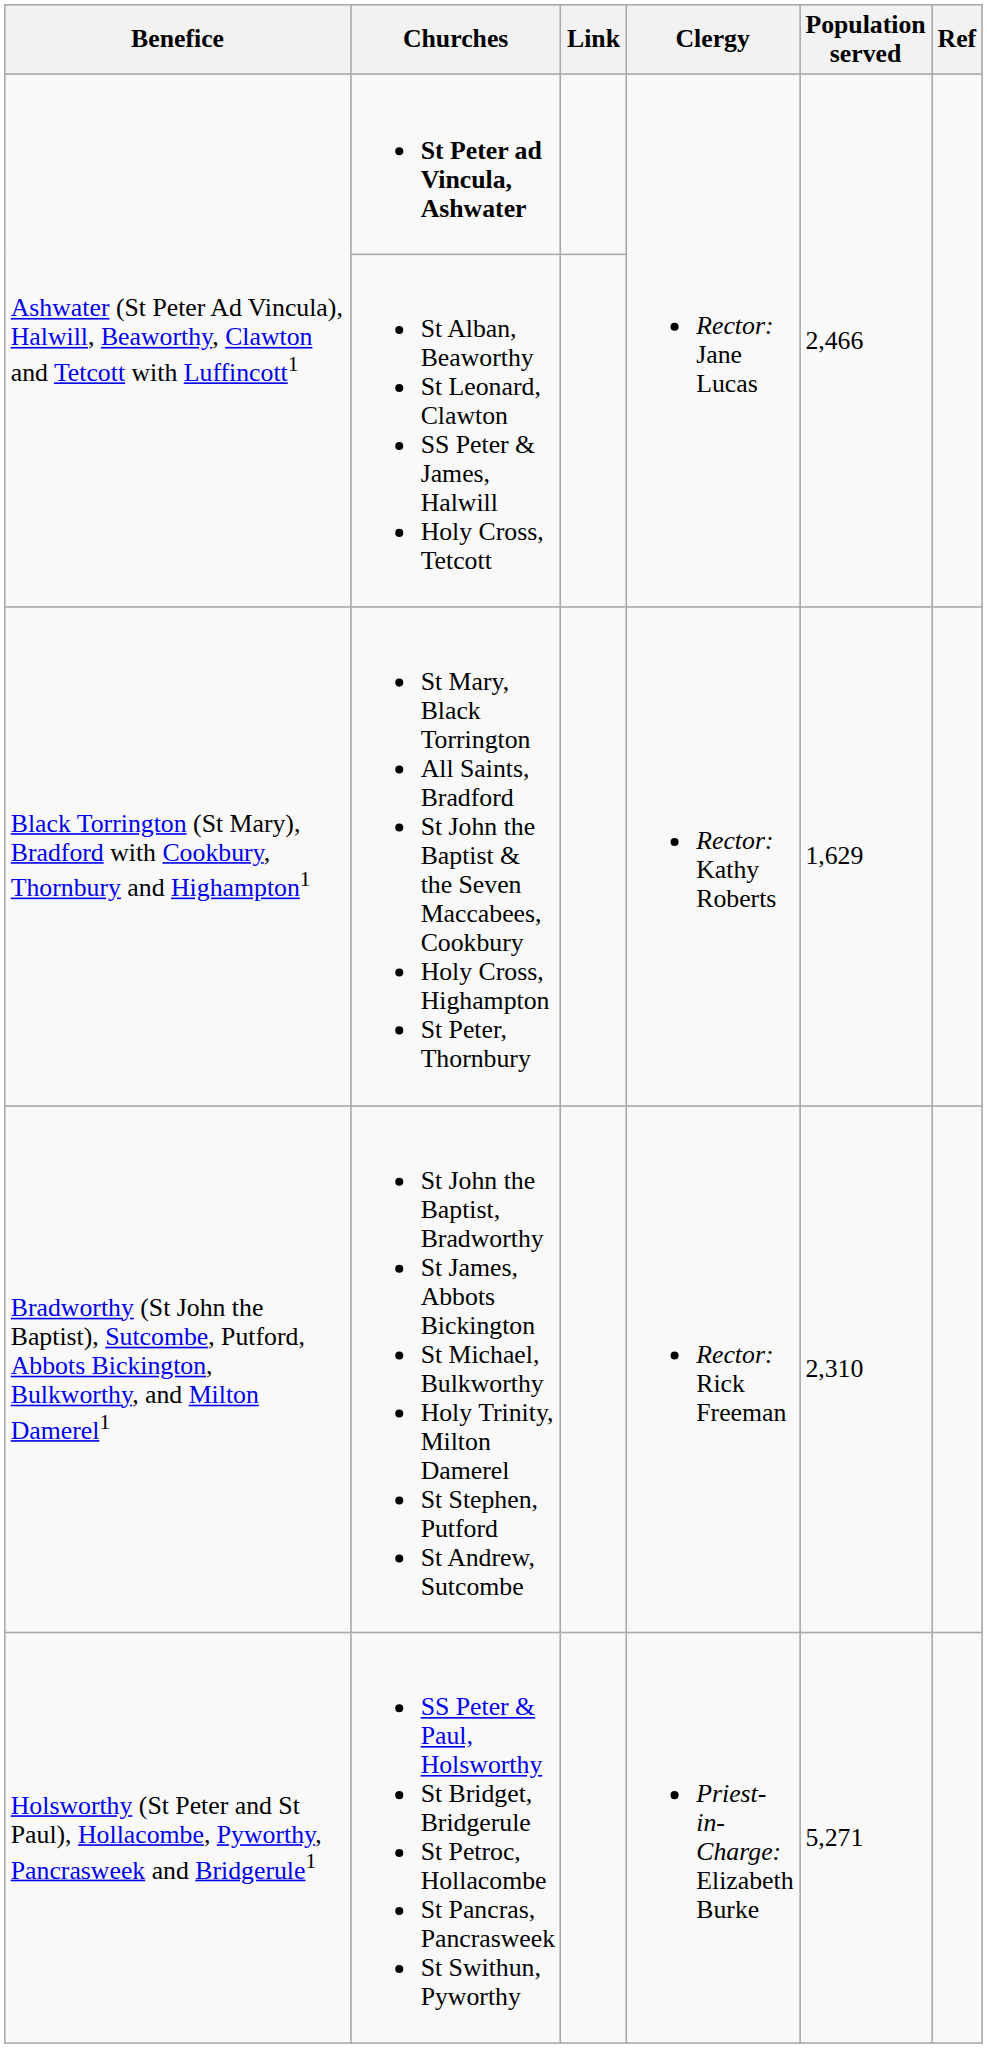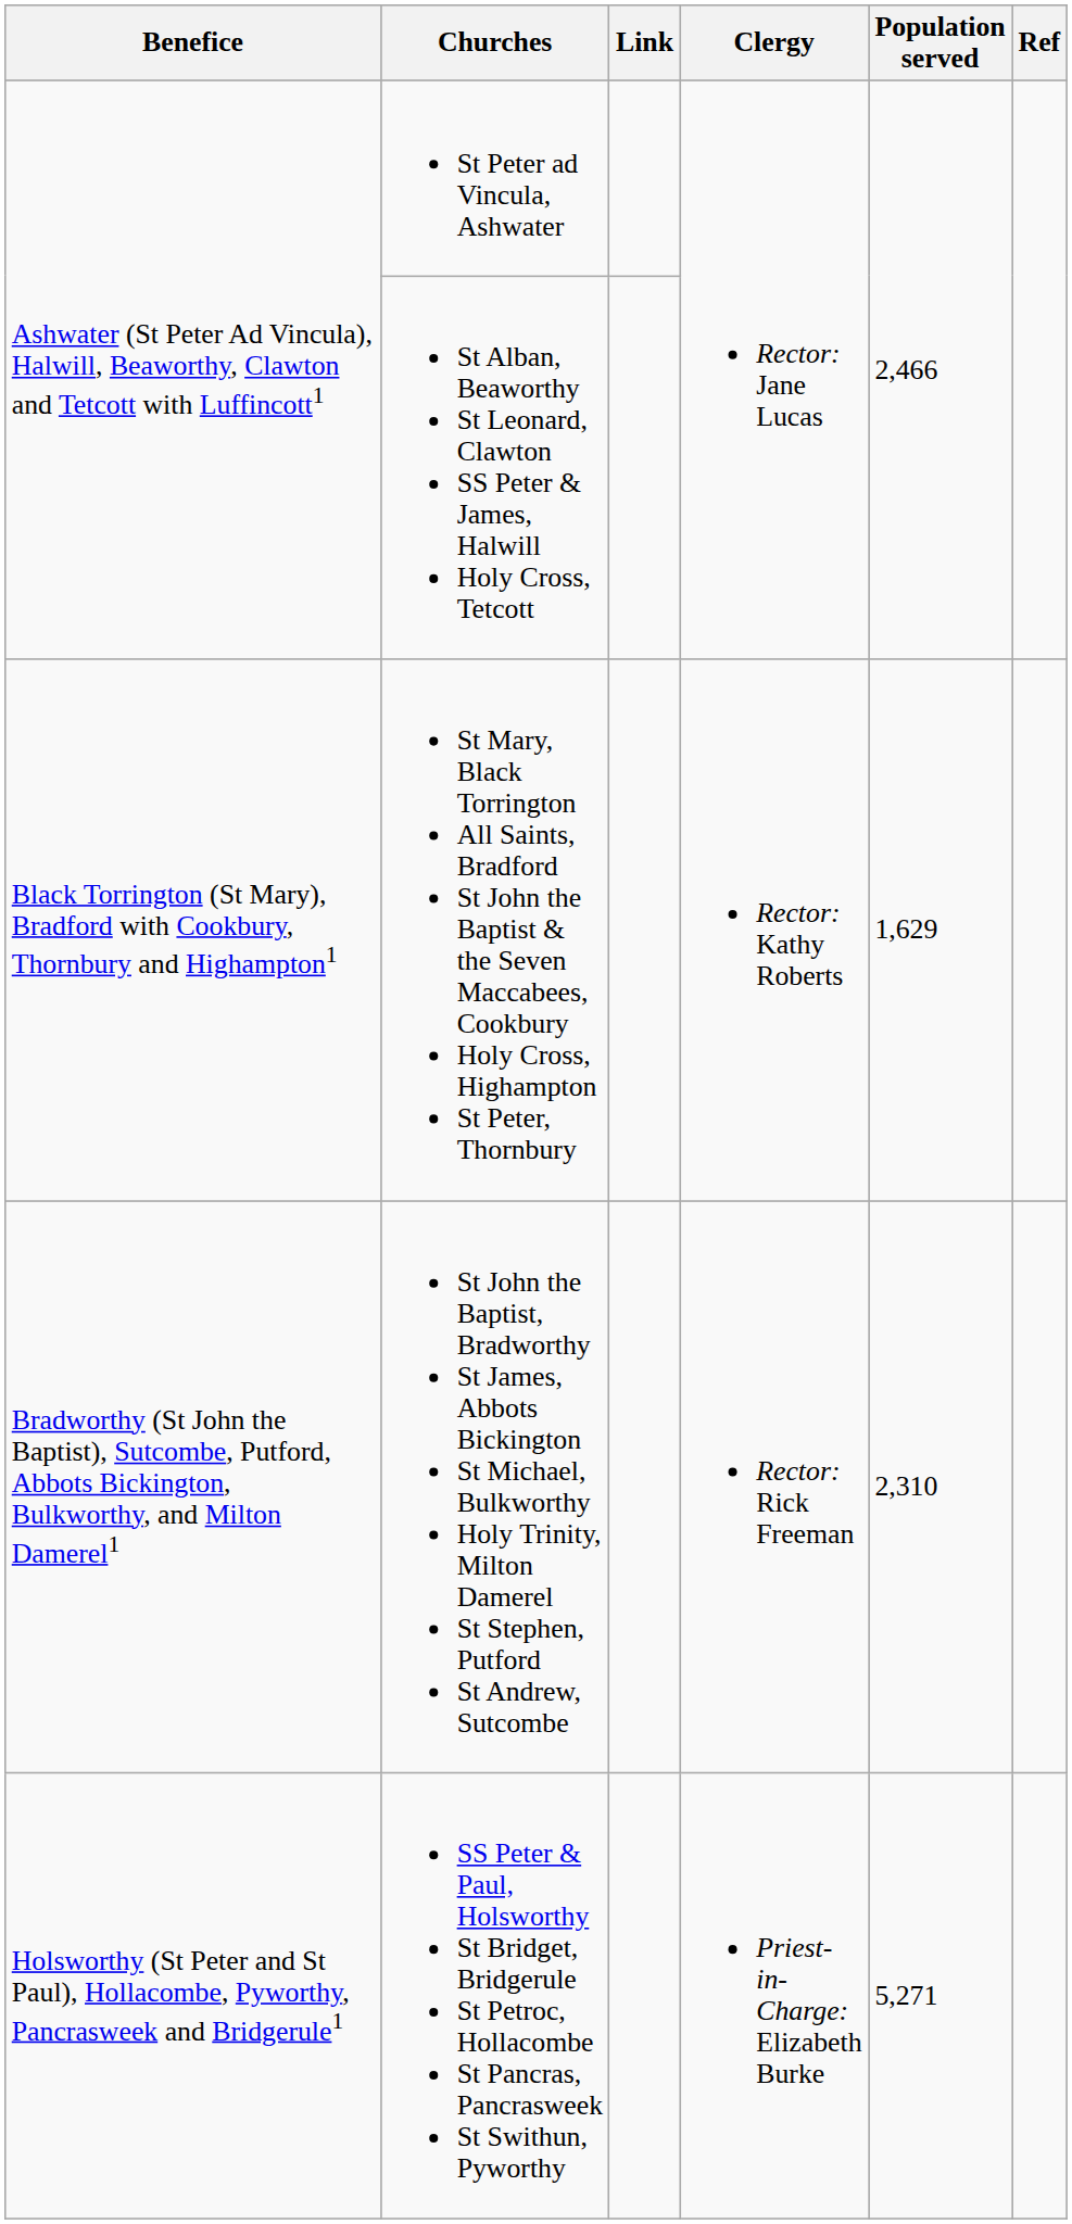 <table class="wikitable">
 <tr>
 <th width="425">Benefice</th>
 <th>Churches</th>
 <th>Link</th>
 <th>Clergy</th>
 <th>Population served</th>
 <th>Ref</th>
 </tr>
 <tr>
 <td rowspan="2"><a href='#'>Ashwater</a> (St Peter Ad Vincula), <a href='#'>Halwill</a>, <a href='#'>Beaworthy</a>, <a href='#'>Clawton</a> and <a href='#'>Tetcott</a> with <a href='#'>Luffincott</a><sup>1</sup></td>
-<td><strong><br><ul><li>St Peter ad Vincula, Ashwater</li></ul></strong></td>
+<td><br><ul><li>St Peter ad Vincula, Ashwater</li></ul></td>
 <td></td>
 <td rowspan="2"><br><ul><li><em>Rector:</em> Jane Lucas</li></ul></td>
 <td rowspan="2">2,466</td>
 <td rowspan="2"></td>
 </tr>
 <tr>
 <td><br><ul><li>St Alban, Beaworthy</li><li>St Leonard, Clawton</li><li>SS Peter & James, Halwill</li><li>Holy Cross, Tetcott</li></ul></td>
 <td></td>
 </tr>
 <tr>
 <td><a href='#'>Black Torrington</a> (St Mary), <a href='#'>Bradford</a> with <a href='#'>Cookbury</a>, <a href='#'>Thornbury</a> and <a href='#'>Highampton</a><sup>1</sup></td>
 <td><br><ul><li>St Mary, Black Torrington</li><li>All Saints, Bradford</li><li>St John the Baptist & the Seven Maccabees, Cookbury</li><li>Holy Cross, Highampton</li><li>St Peter, Thornbury</li></ul></td>
 <td></td>
 <td><br><ul><li><em>Rector:</em> Kathy Roberts</li></ul></td>
 <td>1,629</td>
 <td></td>
 </tr>
 <tr>
 <td><a href='#'>Bradworthy</a> (St John the Baptist), <a href='#'>Sutcombe</a>, Putford, <a href='#'>Abbots Bickington</a>, <a href='#'>Bulkworthy</a>, and <a href='#'>Milton Damerel</a><sup>1</sup></td>
 <td><br><ul><li>St John the Baptist, Bradworthy</li><li>St James, Abbots Bickington</li><li>St Michael, Bulkworthy</li><li>Holy Trinity, Milton Damerel</li><li>St Stephen, Putford</li><li>St Andrew, Sutcombe</li></ul></td>
 <td></td>
 <td><br><ul><li><em>Rector:</em> Rick Freeman</li></ul></td>
 <td>2,310</td>
 <td></td>
 </tr>
 <tr>
 <td><a href='#'>Holsworthy</a> (St Peter and St Paul), <a href='#'>Hollacombe</a>, <a href='#'>Pyworthy</a>, <a href='#'>Pancrasweek</a> and <a href='#'>Bridgerule</a><sup>1</sup></td>
 <td><br><ul><li><a href='#'>SS Peter & Paul, Holsworthy</a></li><li>St Bridget, Bridgerule</li><li>St Petroc, Hollacombe</li><li>St Pancras, Pancrasweek</li><li>St Swithun, Pyworthy</li></ul></td>
 <td></td>
 <td><br><ul><li><em>Priest-in-Charge:</em> Elizabeth Burke</li></ul></td>
 <td>5,271</td>
 <td></td>
 </tr>
 </table>
